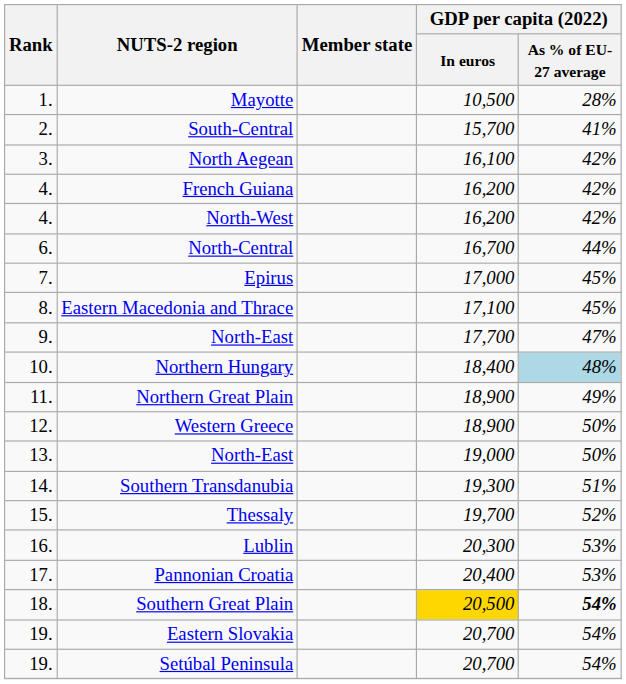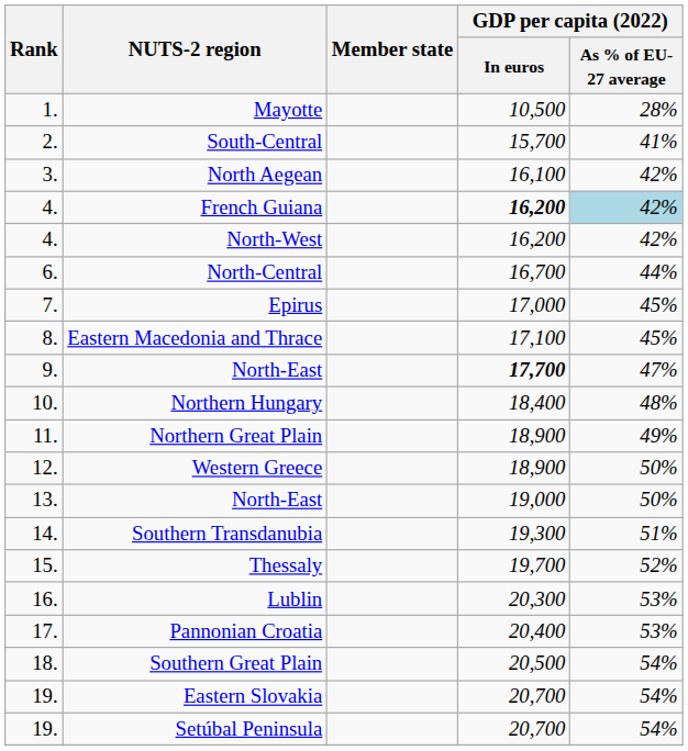 <table class="wikitable">
 <tr style="background:#efefef;">
 <th rowspan=2>Rank</th>
 <th rowspan=2>NUTS-2 region</th>
 <th rowspan=2>Member state</th>
 <th colspan=2>GDP per capita (2022)</th>
 </tr>
 <tr style="background:#efefef;">
 <th style="width:5em;"><small>In euros</small></th>
 <th style="width:5em;"><small>As % of EU-27 average</small></th>
 </tr>
 <tr style="text-align:right;">
 <td>1.</td>
 <td><a href='#'>Mayotte</a></td>
 <td align=left><small></small></td>
 <td><em>10,500</em></td>
 <td><em>28%</em></td>
 </tr>
 <tr style="text-align:right;">
 <td>2.</td>
 <td><a href='#'>South-Central</a></td>
 <td align=left><small></small></td>
 <td><em>15,700</em></td>
 <td><em>41%</em></td>
 </tr>
 <tr style="text-align:right;">
 <td>3.</td>
 <td><a href='#'>North Aegean</a></td>
 <td align=left><small></small></td>
 <td><em>16,100</em></td>
 <td><em>42%</em></td>
 </tr>
 <tr style="text-align:right;">
 <td>4.</td>
 <td><a href='#'>French Guiana</a></td>
 <td align=left><small></small></td>
-<td><em>16,200</em></td>
-<td><em>42%</em></td>
+<td><strong><em>16,200</em></strong></td>
+<td style="background: lightblue;"><em>42%</em></td>
 </tr>
 <tr style="text-align:right;">
 <td>4.</td>
 <td><a href='#'>North-West</a></td>
 <td align=left><small></small></td>
 <td><em>16,200</em></td>
 <td><em>42%</em></td>
 </tr>
 <tr style="text-align:right;">
 <td>6.</td>
 <td><a href='#'>North-Central</a></td>
 <td align=left><small></small></td>
 <td><em>16,700</em></td>
 <td><em>44%</em></td>
 </tr>
 <tr style="text-align:right;">
 <td>7.</td>
 <td><a href='#'>Epirus</a></td>
 <td align=left><small></small></td>
 <td><em>17,000</em></td>
 <td><em>45%</em></td>
 </tr>
 <tr style="text-align:right;">
 <td>8.</td>
 <td><a href='#'>Eastern Macedonia and Thrace</a></td>
 <td align=left><small></small></td>
 <td><em>17,100</em></td>
 <td><em>45%</em></td>
 </tr>
 <tr style="text-align:right;">
 <td>9.</td>
 <td><a href='#'>North-East</a></td>
 <td align=left><small></small></td>
-<td><em>17,700</em></td>
+<td><strong><em>17,700</em></strong></td>
 <td><em>47%</em></td>
 </tr>
 <tr style="text-align:right;">
 <td>10.</td>
 <td><a href='#'>Northern Hungary</a></td>
 <td align=left><small></small></td>
 <td><em>18,400</em></td>
-<td style="background: lightblue;"><em>48%</em></td>
+<td><em>48%</em></td>
 </tr>
 <tr style="text-align:right;">
 <td>11.</td>
 <td><a href='#'>Northern Great Plain</a></td>
 <td align=left><small></small></td>
 <td><em>18,900</em></td>
 <td><em>49%</em></td>
 </tr>
 <tr style="text-align:right;">
 <td>12.</td>
 <td><a href='#'>Western Greece</a></td>
 <td align=left><small></small></td>
 <td><em>18,900</em></td>
 <td><em>50%</em></td>
 </tr>
 <tr style="text-align:right;">
 <td>13.</td>
 <td><a href='#'>North-East</a></td>
 <td align=left><small></small></td>
 <td><em>19,000</em></td>
 <td><em>50%</em></td>
 </tr>
 <tr style="text-align:right;">
 <td>14.</td>
 <td><a href='#'>Southern Transdanubia</a></td>
 <td align=left><small></small></td>
 <td><em>19,300</em></td>
 <td><em>51%</em></td>
 </tr>
 <tr style="text-align:right;">
 <td>15.</td>
 <td><a href='#'>Thessaly</a></td>
 <td align=left><small></small></td>
 <td><em>19,700</em></td>
 <td><em>52%</em></td>
 </tr>
 <tr style="text-align:right;">
 <td>16.</td>
 <td><a href='#'>Lublin</a></td>
 <td align=left><small></small></td>
 <td><em>20,300</em></td>
 <td><em>53%</em></td>
 </tr>
 <tr style="text-align:right;">
 <td>17.</td>
 <td><a href='#'>Pannonian Croatia</a></td>
 <td align=left><small></small></td>
 <td><em>20,400</em></td>
 <td><em>53%</em></td>
 </tr>
 <tr style="text-align:right;">
 <td>18.</td>
 <td><a href='#'>Southern Great Plain</a></td>
 <td align=left><small></small></td>
-<td style="background: gold;"><em>20,500</em></td>
-<td><strong><em>54%</em></strong></td>
+<td><em>20,500</em></td>
+<td><em>54%</em></td>
 </tr>
 <tr style="text-align:right;">
 <td>19.</td>
 <td><a href='#'>Eastern Slovakia</a></td>
 <td align=left><small></small></td>
 <td><em>20,700</em></td>
 <td><em>54%</em></td>
 </tr>
 <tr style="text-align:right;">
 <td>19.</td>
 <td><a href='#'>Setúbal Peninsula</a></td>
 <td align=left><small></small></td>
 <td><em>20,700</em></td>
 <td><em>54%</em></td>
 </tr>
 <tr style="text-align:right;">
 </tr>
 </table>
